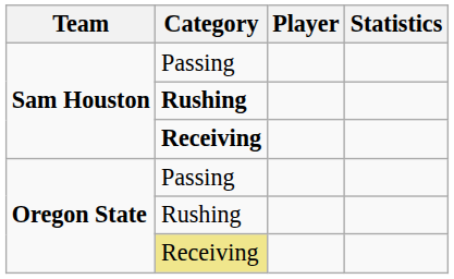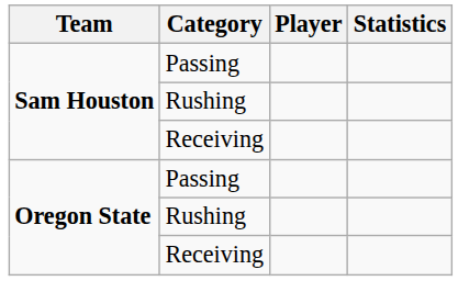 <table class="wikitable" style="float: right;">
 <tr>
 <th>Team</th>
 <th>Category</th>
 <th>Player</th>
 <th>Statistics</th>
 </tr>
 <tr>
 <td rowspan=3><strong>Sam Houston</strong></td>
 <td>Passing</td>
 <td></td>
 <td></td>
 </tr>
 <tr>
-<td><strong>Rushing</strong></td>
+<td>Rushing</td>
 <td></td>
 <td></td>
 </tr>
 <tr>
-<td><strong>Receiving</strong></td>
+<td>Receiving</td>
 <td></td>
 <td></td>
 </tr>
 <tr>
 <td rowspan=3><strong>Oregon State</strong></td>
 <td>Passing</td>
 <td></td>
 <td></td>
 </tr>
 <tr>
 <td>Rushing</td>
 <td></td>
 <td></td>
 </tr>
 <tr>
-<td style="background: khaki;">Receiving</td>
+<td>Receiving</td>
 <td></td>
 <td></td>
 </tr>
 </table>
